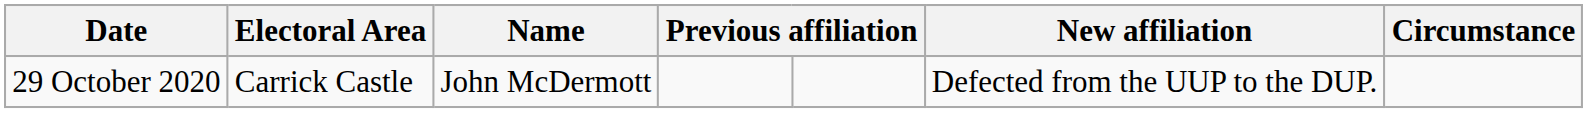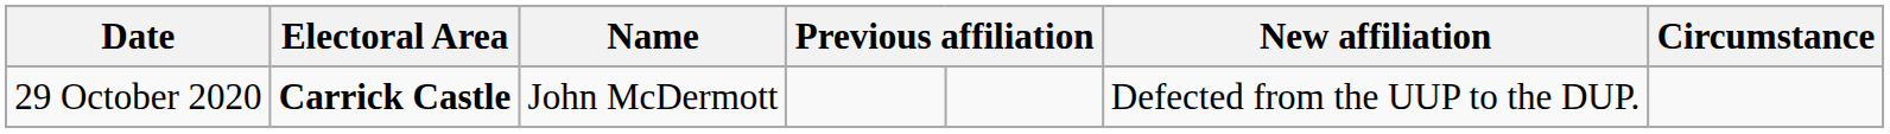 <table class="wikitable" style="font-size: 95%">
 <tr>
 <th>Date</th>
 <th>Electoral Area</th>
 <th>Name</th>
 <th colspan="2">Previous affiliation</th>
 <th colspan="2">New affiliation</th>
 <th>Circumstance</th>
 </tr>
 <tr>
 <td>29 October 2020</td>
-<td>Carrick Castle</td>
+<td><strong>Carrick Castle</strong></td>
 <td>John McDermott</td>
 <td></td>
 <td></td>
 <td>Defected from the UUP to the DUP.</td>
 </tr>
 </table>
